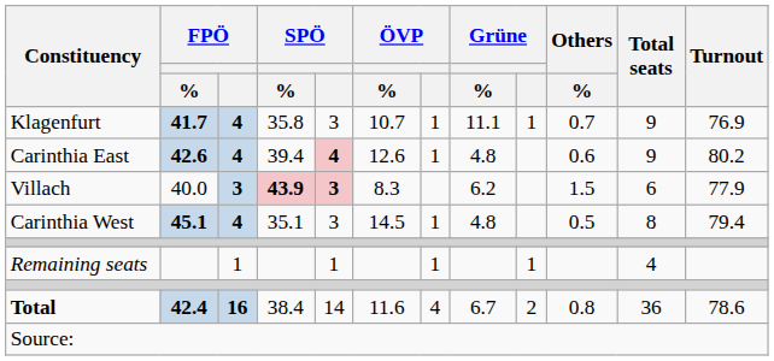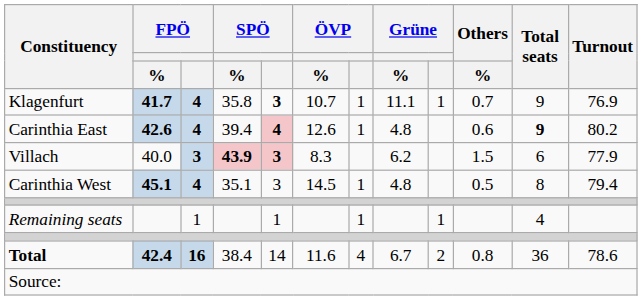 <table class="wikitable" style="text-align:center;font-size:90%;line-height:16px">
 <tr style="height:40px;">
 <th style="width:100px;" rowspan="3">Constituency</th>
 <th style="width:60px;" colspan="2"><a href='#'>FPÖ</a></th>
 <th style="width:60px;" colspan="2"><a href='#'>SPÖ</a></th>
 <th style="width:60px;" colspan="2"><a href='#'>ÖVP</a></th>
 <th style="width:60px;" colspan="2"><a href='#'>Grüne</a></th>
 <th class="unsortable" style="width:40px;" rowspan="2">Others</th>
 <th class="unsortable" style="width:40px;" rowspan="3">Total<br>seats</th>
 <th class="unsortable" style="width:40px;" rowspan="3">Turnout</th>
 </tr>
 <tr>
 <th colspan="2" style="background:"></th>
 <th colspan="2" style="background:"></th>
 <th colspan="2" style="background:"></th>
 <th colspan="2" style="background:"></th>
 </tr>
 <tr>
 <th class=unsortable>%</th>
 <th class=unsortable></th>
 <th class=unsortable>%</th>
 <th class=unsortable></th>
 <th class=unsortable>%</th>
 <th class=unsortable></th>
 <th class=unsortable>%</th>
 <th class=unsortable></th>
 <th class=unsortable>%</th>
 </tr>
 <tr>
 <td align=left>Klagenfurt</td>
 <td bgcolor=#C6D9EA><strong>41.7</strong></td>
 <td bgcolor=#C6D9EA><strong>4</strong></td>
 <td>35.8</td>
-<td>3</td>
+<td><strong>3</strong></td>
 <td>10.7</td>
 <td>1</td>
 <td>11.1</td>
 <td>1</td>
 <td>0.7</td>
 <td>9</td>
 <td>76.9</td>
 </tr>
 <tr>
 <td align=left>Carinthia East</td>
 <td bgcolor=#C6D9EA><strong>42.6</strong></td>
 <td bgcolor=#C6D9EA><strong>4</strong></td>
 <td>39.4</td>
 <td bgcolor=#F4C6C9><strong>4</strong></td>
 <td>12.6</td>
 <td>1</td>
 <td>4.8</td>
 <td></td>
 <td>0.6</td>
-<td>9</td>
+<td><strong>9</strong></td>
 <td>80.2</td>
 </tr>
 <tr>
 <td align=left>Villach</td>
 <td>40.0</td>
 <td bgcolor=#C6D9EA><strong>3</strong></td>
 <td bgcolor=#F4C6C9><strong>43.9</strong></td>
 <td bgcolor=#F4C6C9><strong>3</strong></td>
 <td>8.3</td>
 <td></td>
 <td>6.2</td>
 <td></td>
 <td>1.5</td>
 <td>6</td>
 <td>77.9</td>
 </tr>
 <tr>
 <td align=left>Carinthia West</td>
 <td bgcolor=#C6D9EA><strong>45.1</strong></td>
 <td bgcolor=#C6D9EA><strong>4</strong></td>
 <td>35.1</td>
 <td>3</td>
 <td>14.5</td>
 <td>1</td>
 <td>4.8</td>
 <td></td>
 <td>0.5</td>
 <td>8</td>
 <td>79.4</td>
 </tr>
 <tr>
 <td colspan=12 bgcolor=lightgrey></td>
 </tr>
 <tr>
 <td align=left><em>Remaining seats</em></td>
 <td></td>
 <td>1</td>
 <td></td>
 <td>1</td>
 <td></td>
 <td>1</td>
 <td></td>
 <td>1</td>
 <td></td>
 <td>4</td>
 <td></td>
 </tr>
 <tr>
 <td colspan=12 bgcolor=lightgrey></td>
 </tr>
 <tr>
 <td align=left><strong>Total</strong></td>
 <td bgcolor=#C6D9EA><strong>42.4</strong></td>
 <td bgcolor=#C6D9EA><strong>16</strong></td>
 <td>38.4</td>
 <td>14</td>
 <td>11.6</td>
 <td>4</td>
 <td>6.7</td>
 <td>2</td>
 <td>0.8</td>
 <td>36</td>
 <td>78.6</td>
 </tr>
 <tr class=sortbottom>
 <td colspan=12 align=left>Source: </td>
 </tr>
 </table>
